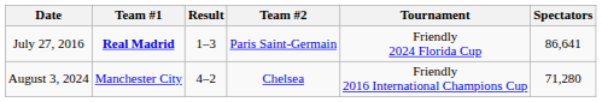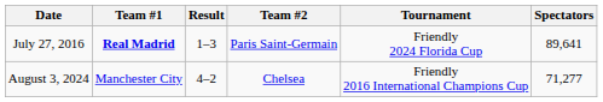 <table class="wikitable" style="text-align:center">
 <tr>
 <th style="text-align:center;">Date</th>
 <th style="text-align:center;">Team #1</th>
 <th style="text-align:center;">Result</th>
 <th style="text-align:center;">Team #2</th>
 <th style="text-align:center;">Tournament</th>
 <th style="text-align:center;">Spectators</th>
 </tr>
 <tr>
 <td>July 27, 2016</td>
 <td><strong> <a href='#'>Real Madrid</a></strong></td>
 <td style="text-align:center;">1–3</td>
 <td> <a href='#'>Paris Saint-Germain</a></td>
 <td>Friendly<br><a href='#'>2024 Florida Cup</a></td>
-<td>86,641</td>
+<td>89,641</td>
 </tr>
 <tr>
 <td>August 3, 2024</td>
 <td> <a href='#'>Manchester City</a></td>
 <td style="text-align:center;">4–2</td>
 <td> <a href='#'>Chelsea</a></td>
 <td>Friendly<br><a href='#'>2016 International Champions Cup</a></td>
-<td>71,280</td>
+<td>71,277</td>
 </tr>
 </table>
